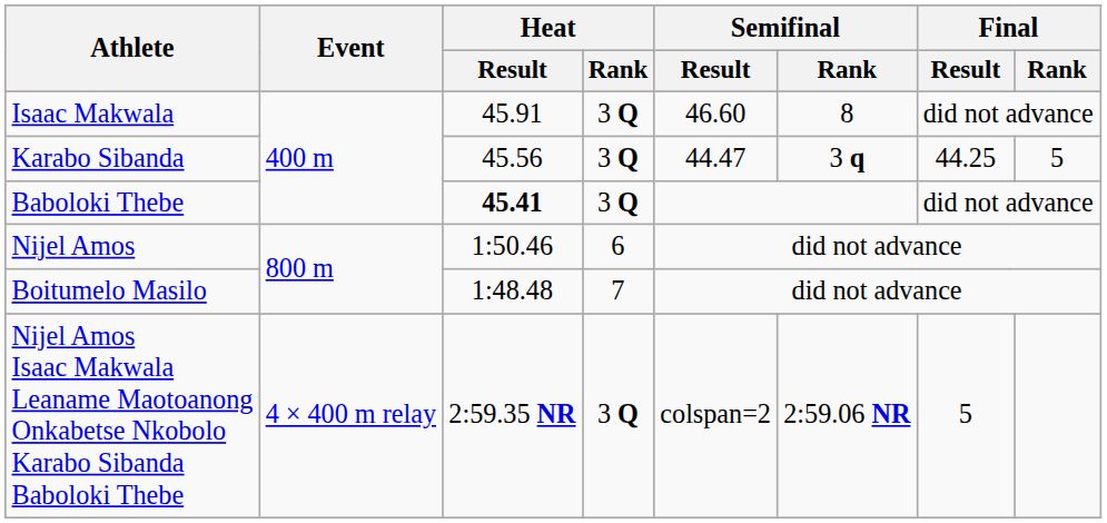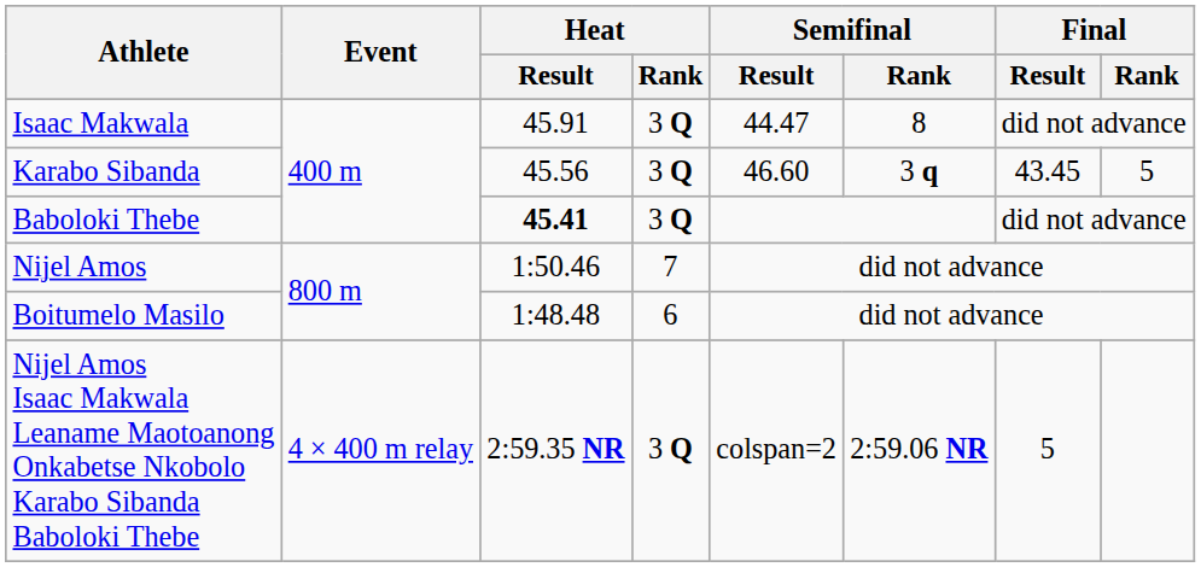 <table class="wikitable" style="font-size:90%">
 <tr>
 <th rowspan="2">Athlete</th>
 <th rowspan="2">Event</th>
 <th colspan="2">Heat</th>
 <th colspan="2">Semifinal</th>
 <th colspan="2">Final</th>
 </tr>
 <tr style="font-size:95%">
 <th>Result</th>
 <th>Rank</th>
 <th>Result</th>
 <th>Rank</th>
 <th>Result</th>
 <th>Rank</th>
 </tr>
 <tr align=center>
 <td align=left><a href='#'>Isaac Makwala</a></td>
 <td align=left rowspan=3><a href='#'>400 m</a></td>
 <td>45.91</td>
 <td>3 <strong>Q</strong></td>
-<td>46.60</td>
+<td>44.47</td>
 <td>8</td>
 <td colspan=2>did not advance</td>
 </tr>
 <tr align=center>
 <td align=left><a href='#'>Karabo Sibanda</a></td>
 <td>45.56</td>
 <td>3 <strong>Q</strong></td>
-<td>44.47</td>
+<td>46.60</td>
 <td>3 <strong>q</strong></td>
-<td>44.25</td>
+<td>43.45</td>
 <td>5</td>
 </tr>
 <tr align=center>
 <td align=left><a href='#'>Baboloki Thebe</a></td>
 <td><strong>45.41</strong></td>
 <td>3 <strong>Q</strong></td>
 <td colspan=2></td>
 <td colspan=2>did not advance</td>
 </tr>
 <tr align=center>
 <td align=left><a href='#'>Nijel Amos</a></td>
 <td align=left rowspan=2><a href='#'>800 m</a></td>
 <td>1:50.46</td>
-<td>6</td>
+<td>7</td>
 <td colspan=4>did not advance</td>
 </tr>
 <tr align=center>
 <td align=left><a href='#'>Boitumelo Masilo</a></td>
 <td>1:48.48</td>
-<td>7</td>
+<td>6</td>
 <td colspan=4>did not advance</td>
 </tr>
 <tr align=center>
 <td align=left><a href='#'>Nijel Amos</a><br><a href='#'>Isaac Makwala</a><br><a href='#'>Leaname Maotoanong</a><br><a href='#'>Onkabetse Nkobolo</a><br><a href='#'>Karabo Sibanda</a><br><a href='#'>Baboloki Thebe</a></td>
 <td align=left><a href='#'>4 × 400 m relay</a></td>
 <td>2:59.35 <strong><a href='#'>NR</a></strong></td>
 <td>3 <strong>Q</strong></td>
 <td>colspan=2 </td>
 <td>2:59.06 <strong><a href='#'>NR</a></strong></td>
 <td>5</td>
 </tr>
 </table>
